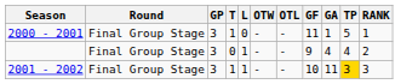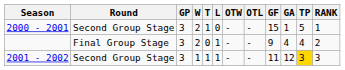 <table class="wikitable">
 <tr>
 <th>Season</th>
 <th>Round</th>
 <th>GP</th>
+<th>W</th>
 <th>T</th>
 <th>L</th>
 <th>OTW</th>
 <th>OTL</th>
 <th>GF</th>
 <th>GA</th>
 <th>TP</th>
 <th>RANK</th>
 </tr>
 <tr>
 <td><a href='#'>2000 - 2001</a></td>
-<td>Final Group Stage</td>
+<td>Second Group Stage</td>
 <td>3</td>
+<td>2</td>
 <td>1</td>
 <td>0</td>
 <td>-</td>
 <td>-</td>
-<td>11</td>
+<td>15</td>
 <td>1</td>
 <td>5</td>
 <td>1</td>
 </tr>
 <tr -style="background:#D3D3D3">
 <td></td>
 <td>Final Group Stage</td>
 <td>3</td>
+<td>2</td>
 <td>0</td>
 <td>1</td>
 <td>-</td>
 <td>-</td>
 <td>9</td>
 <td>4</td>
 <td>4</td>
 <td>2</td>
 </tr>
 <tr>
 <td><a href='#'>2001 - 2002</a></td>
-<td>Final Group Stage</td>
+<td>Second Group Stage</td>
 <td>3</td>
+<td>1</td>
 <td>1</td>
 <td>1</td>
 <td>-</td>
 <td>-</td>
-<td>10</td>
 <td>11</td>
+<td>12</td>
 <td style="background: gold;">3</td>
 <td>3</td>
 </tr>
 </table>
